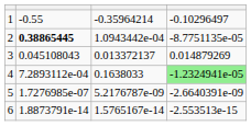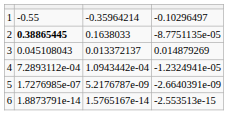 <table class="wikitable">
 <tr>
 <th></th>
 <th></th>
 <th></th>
 <th></th>
 </tr>
 <tr>
 <td>1</td>
 <td>-0.55</td>
 <td>-0.35964214</td>
 <td>-0.10296497</td>
 </tr>
 <tr>
 <td>2</td>
 <td><strong>0.38865445</strong></td>
-<td>1.0943442e-04</td>
+<td>0.1638033</td>
 <td>-8.7751135e-05</td>
 </tr>
 <tr>
 <td>3</td>
 <td>0.045108043</td>
 <td>0.013372137</td>
 <td>0.014879269</td>
 </tr>
 <tr>
 <td>4</td>
 <td>7.2893112e-04</td>
-<td>0.1638033</td>
-<td style="background: lightgreen;">-1.2324941e-05</td>
+<td>1.0943442e-04</td>
+<td>-1.2324941e-05</td>
 </tr>
 <tr>
 <td>5</td>
 <td>1.7276985e-07</td>
 <td>5.2176787e-09</td>
 <td>-2.6640391e-09</td>
 </tr>
 <tr>
 <td>6</td>
 <td>1.8873791e-14</td>
 <td>1.5765167e-14</td>
 <td>-2.553513e-15</td>
 </tr>
 </table>
